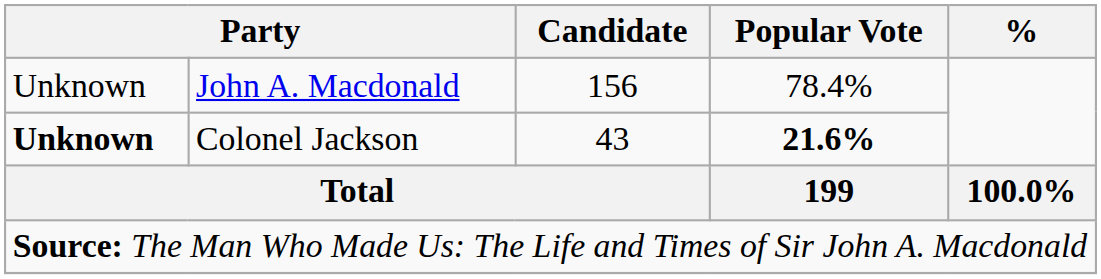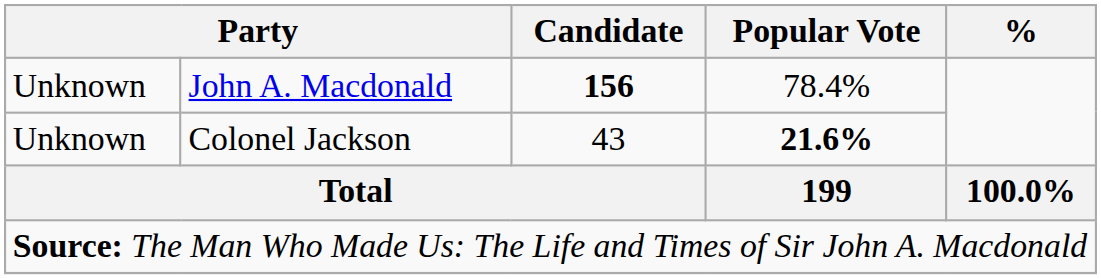 <table class="wikitable">
 <tr>
 <th colspan="2">Party</th>
 <th>Candidate</th>
 <th>Popular Vote</th>
 <th>%</th>
 </tr>
 <tr>
 <td>Unknown</td>
 <td> <a href='#'>John A. Macdonald</a></td>
-<td align=center>156</td>
+<td align=center><strong>156</strong></td>
 <td align=center>78.4%</td>
 </tr>
 <tr>
-<td><strong>Unknown</strong></td>
+<td>Unknown</td>
 <td>Colonel Jackson</td>
 <td align=center>43</td>
 <td align=center><strong>21.6%</strong></td>
 </tr>
 <tr>
 <th colspan=3 align=center>Total</th>
 <th align=right>199</th>
 <th align=right>100.0%</th>
 </tr>
 <tr>
 <td align="center" colspan=5><strong>Source:</strong> <em>The Man Who Made Us: The Life and Times of Sir John A. Macdonald</em></td>
 </tr>
 <tr>
 </tr>
 </table>
